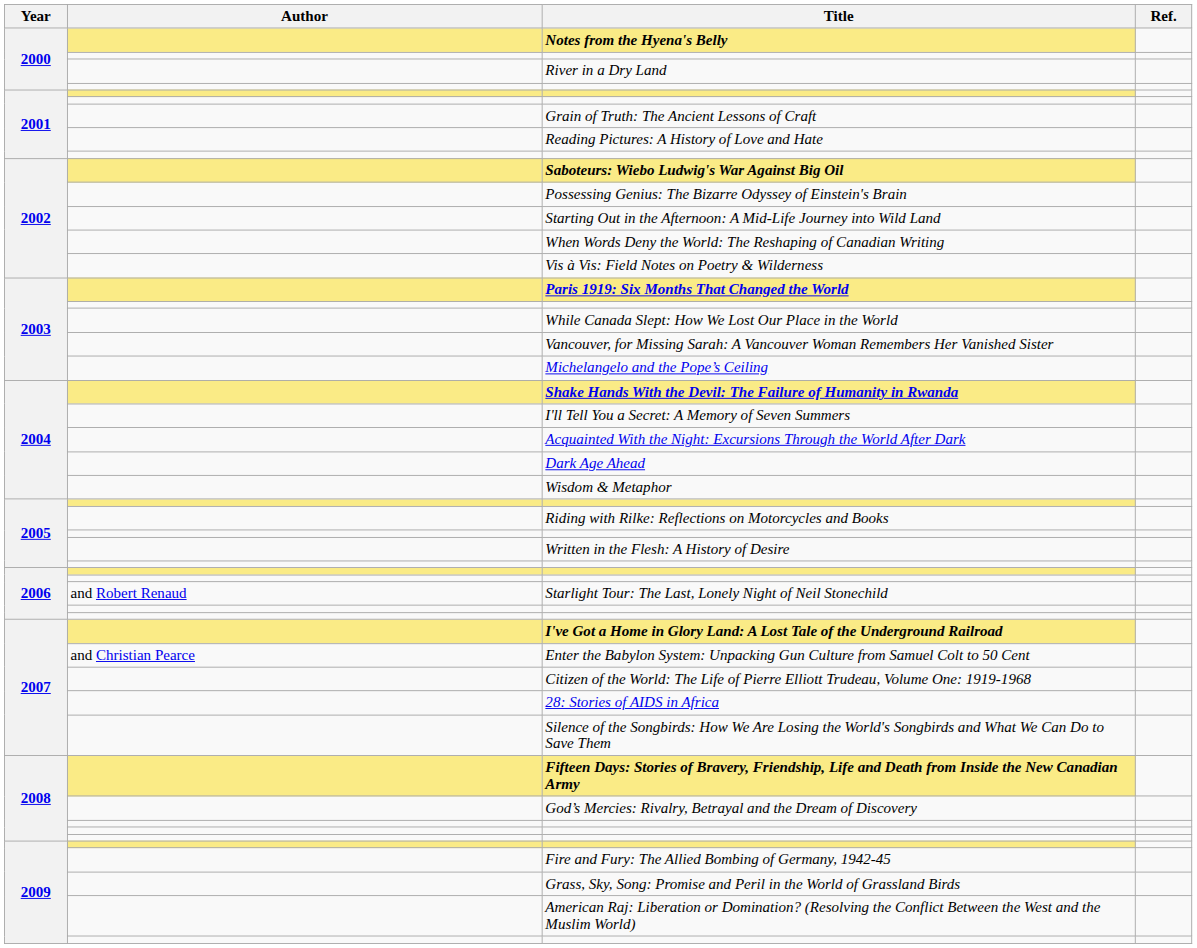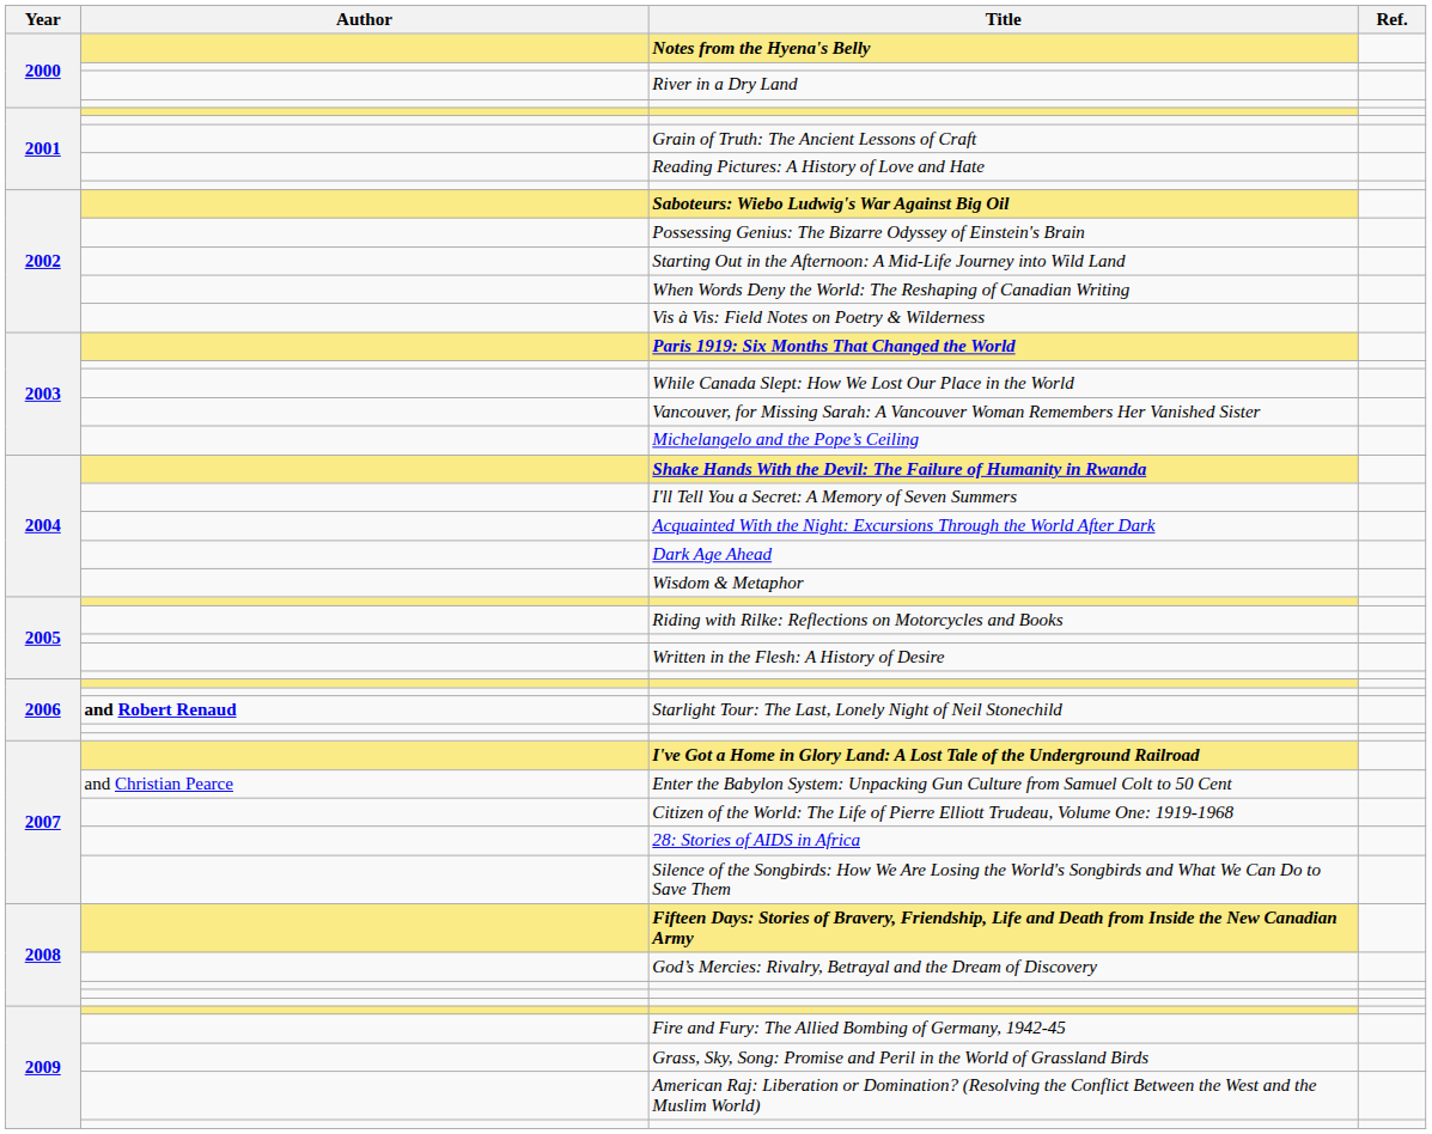 <table class="wikitable sortable mw-collapsible" width="100%">
 <tr>
 <th>Year</th>
 <th width="40%">Author</th>
 <th width="50%">Title</th>
 <th>Ref.</th>
 </tr>
 <tr>
 <th rowspan="4"><a href='#'>2000</a></th>
 <td style="background:#FAEB86"><strong></strong></td>
 <td style="background:#FAEB86"><strong><em>Notes from the Hyena's Belly</em></strong></td>
 <td></td>
 </tr>
 <tr>
 <td></td>
 <td><em></em></td>
 <td></td>
 </tr>
 <tr>
 <td></td>
 <td><em>River in a Dry Land</em></td>
 <td></td>
 </tr>
 <tr>
 <td></td>
 <td><em></em></td>
 <td></td>
 </tr>
 <tr>
 <th rowspan="5"><a href='#'>2001</a></th>
 <td style="background:#FAEB86"><strong></strong></td>
 <td style="background:#FAEB86"><strong><em></em></strong></td>
 <td></td>
 </tr>
 <tr>
 <td></td>
 <td><em></em></td>
 <td></td>
 </tr>
 <tr>
 <td></td>
 <td><em>Grain of Truth: The Ancient Lessons of Craft</em></td>
 <td></td>
 </tr>
 <tr>
 <td></td>
 <td><em>Reading Pictures: A History of Love and Hate</em></td>
 <td></td>
 </tr>
 <tr>
 <td></td>
 <td><em></em></td>
 <td></td>
 </tr>
 <tr>
 <th rowspan="5"><a href='#'>2002</a></th>
 <td style="background:#FAEB86"><strong></strong></td>
 <td style="background:#FAEB86"><strong><em>Saboteurs: Wiebo Ludwig's War Against Big Oil</em></strong></td>
 <td></td>
 </tr>
 <tr>
 <td></td>
 <td><em>Possessing Genius: The Bizarre Odyssey of Einstein's Brain</em></td>
 <td></td>
 </tr>
 <tr>
 <td></td>
 <td><em>Starting Out in the Afternoon: A Mid-Life Journey into Wild Land</em></td>
 <td></td>
 </tr>
 <tr>
 <td></td>
 <td><em>When Words Deny the World: The Reshaping of Canadian Writing</em></td>
 <td></td>
 </tr>
 <tr>
 <td></td>
 <td><em>Vis à Vis: Field Notes on Poetry & Wilderness</em></td>
 <td></td>
 </tr>
 <tr>
 <th rowspan="5"><a href='#'>2003</a></th>
 <td style="background:#FAEB86"><strong></strong></td>
 <td style="background:#FAEB86"><strong><em><a href='#'>Paris 1919: Six Months That Changed the World</a></em></strong></td>
 <td></td>
 </tr>
 <tr>
 <td></td>
 <td><em></em></td>
 <td></td>
 </tr>
 <tr>
 <td></td>
 <td><em>While Canada Slept: How We Lost Our Place in the World</em></td>
 <td></td>
 </tr>
 <tr>
 <td></td>
 <td><em>Vancouver, for Missing Sarah: A Vancouver Woman Remembers Her Vanished Sister</em></td>
 <td></td>
 </tr>
 <tr>
 <td></td>
 <td><em><a href='#'>Michelangelo and the Pope’s Ceiling</a></em></td>
 <td></td>
 </tr>
 <tr>
 <th rowspan="5"><a href='#'>2004</a></th>
 <td style="background:#FAEB86"><strong></strong></td>
 <td style="background:#FAEB86"><strong><em><a href='#'>Shake Hands With the Devil: The Failure of Humanity in Rwanda</a></em></strong></td>
 <td></td>
 </tr>
 <tr>
 <td></td>
 <td><em>I'll Tell You a Secret: A Memory of Seven Summers</em></td>
 <td></td>
 </tr>
 <tr>
 <td></td>
 <td><em><a href='#'>Acquainted With the Night: Excursions Through the World After Dark</a></em></td>
 <td></td>
 </tr>
 <tr>
 <td></td>
 <td><em><a href='#'>Dark Age Ahead</a></em></td>
 <td></td>
 </tr>
 <tr>
 <td></td>
 <td><em>Wisdom & Metaphor</em></td>
 <td></td>
 </tr>
 <tr>
 <th rowspan="5"><a href='#'>2005</a></th>
 <td style="background:#FAEB86"><strong></strong></td>
 <td style="background:#FAEB86"><strong><em></em></strong></td>
 <td></td>
 </tr>
 <tr>
 <td></td>
 <td><em>Riding with Rilke: Reflections on Motorcycles and Books</em></td>
 <td></td>
 </tr>
 <tr>
 <td></td>
 <td><em></em></td>
 <td></td>
 </tr>
 <tr>
 <td></td>
 <td><em>Written in the Flesh: A History of Desire</em></td>
 <td></td>
 </tr>
 <tr>
 <td></td>
 <td><em></em></td>
 <td></td>
 </tr>
 <tr>
 <th rowspan="5"><a href='#'>2006</a></th>
 <td style="background:#FAEB86"><strong></strong></td>
 <td style="background:#FAEB86"><strong><em></em></strong></td>
 <td></td>
 </tr>
 <tr>
 <td></td>
 <td><em></em></td>
 <td></td>
 </tr>
 <tr>
-<td> and <a href='#'>Robert Renaud</a></td>
+<td><strong> and <a href='#'>Robert Renaud</a></strong></td>
 <td><em>Starlight Tour: The Last, Lonely Night of Neil Stonechild</em></td>
 <td></td>
 </tr>
 <tr>
 <td></td>
 <td><em></em></td>
 <td></td>
 </tr>
 <tr>
 <td></td>
 <td><em></em></td>
 <td></td>
 </tr>
 <tr>
 <th rowspan="5"><a href='#'>2007</a></th>
 <td style="background:#FAEB86"><strong></strong></td>
 <td style="background:#FAEB86"><strong><em>I've Got a Home in Glory Land: A Lost Tale of the Underground Railroad</em></strong></td>
 <td></td>
 </tr>
 <tr>
 <td> and <a href='#'>Christian Pearce</a></td>
 <td><em>Enter the Babylon System: Unpacking Gun Culture from Samuel Colt to 50 Cent</em></td>
 <td></td>
 </tr>
 <tr>
 <td></td>
 <td><em>Citizen of the World: The Life of Pierre Elliott Trudeau, Volume One: 1919-1968</em></td>
 <td></td>
 </tr>
 <tr>
 <td></td>
 <td><em><a href='#'>28: Stories of AIDS in Africa</a></em></td>
 <td></td>
 </tr>
 <tr>
 <td></td>
 <td><em>Silence of the Songbirds: How We Are Losing the World's Songbirds and What We Can Do to Save Them</em></td>
 <td></td>
 </tr>
 <tr>
 <th rowspan="5"><a href='#'>2008</a></th>
 <td style="background:#FAEB86"><strong></strong></td>
 <td style="background:#FAEB86"><strong><em>Fifteen Days: Stories of Bravery, Friendship, Life and Death from Inside the New Canadian Army</em></strong></td>
 <td></td>
 </tr>
 <tr>
 <td></td>
 <td><em>God’s Mercies: Rivalry, Betrayal and the Dream of Discovery</em></td>
 <td></td>
 </tr>
 <tr>
 <td></td>
 <td><em></em></td>
 <td></td>
 </tr>
 <tr>
 <td></td>
 <td><em></em></td>
 <td></td>
 </tr>
 <tr>
 <td></td>
 <td><em></em></td>
 <td></td>
 </tr>
 <tr>
 <th rowspan="5"><a href='#'>2009</a></th>
 <td style="background:#FAEB86"><strong></strong></td>
 <td style="background:#FAEB86"><strong><em></em></strong></td>
 <td></td>
 </tr>
 <tr>
 <td></td>
 <td><em>Fire and Fury: The Allied Bombing of Germany, 1942-45</em></td>
 <td></td>
 </tr>
 <tr>
 <td></td>
 <td><em>Grass, Sky, Song: Promise and Peril in the World of Grassland Birds</em></td>
 <td></td>
 </tr>
 <tr>
 <td></td>
 <td><em>American Raj: Liberation or Domination? (Resolving the Conflict Between the West and the Muslim World)</em></td>
 <td></td>
 </tr>
 <tr>
 <td></td>
 <td><em></em></td>
 <td></td>
 </tr>
 </table>
